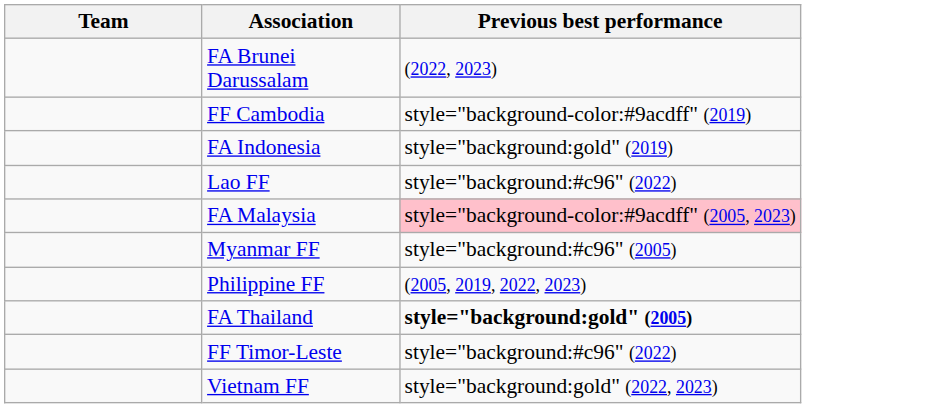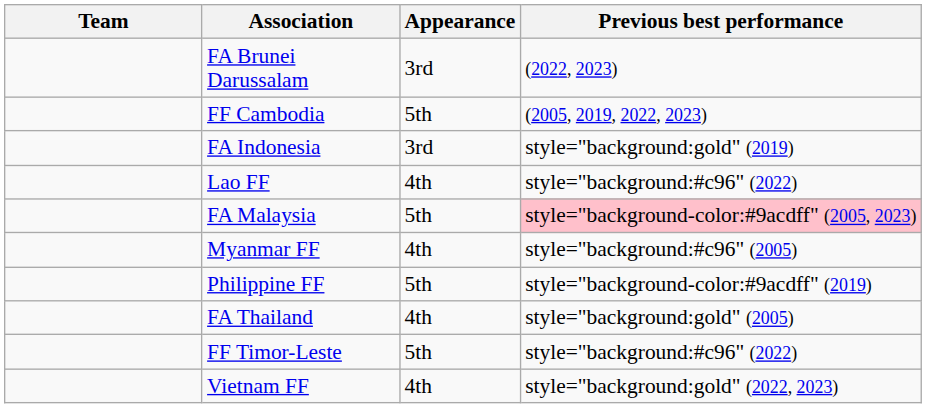 <table class="wikitable sortable">
 <tr>
 <th style="width:140px;">Team</th>
 <th style="width:140px;">Association</th>
+<th style="width:75px;">Appearance</th>
 <th>Previous best performance</th>
 </tr>
 <tr>
 <td></td>
 <td><a href='#'>FA Brunei Darussalam</a></td>
+<td>3rd</td>
 <td> <small>(<a href='#'>2022</a>, <a href='#'>2023</a>)</small></td>
 </tr>
 <tr>
 <td></td>
 <td><a href='#'>FF Cambodia</a></td>
-<td>style="background-color:#9acdff"  <small>(<a href='#'>2019</a>)</small></td>
+<td>5th</td>
+<td> <small>(<a href='#'>2005</a>, <a href='#'>2019</a>, <a href='#'>2022</a>, <a href='#'>2023</a>)</small></td>
 </tr>
 <tr>
 <td></td>
 <td><a href='#'>FA Indonesia</a></td>
+<td>3rd</td>
 <td>style="background:gold"  <small>(<a href='#'>2019</a>)</small></td>
 </tr>
 <tr>
 <td></td>
 <td><a href='#'>Lao FF</a></td>
+<td>4th</td>
 <td>style="background:#c96"  <small>(<a href='#'>2022</a>)</small></td>
 </tr>
 <tr>
 <td></td>
 <td><a href='#'>FA Malaysia</a></td>
+<td>5th</td>
 <td style="background: pink;">style="background-color:#9acdff"  <small>(<a href='#'>2005</a>, <a href='#'>2023</a>)</small></td>
 </tr>
 <tr>
 <td></td>
 <td><a href='#'>Myanmar FF</a></td>
+<td>4th</td>
 <td>style="background:#c96"  <small>(<a href='#'>2005</a>)</small></td>
 </tr>
 <tr>
 <td></td>
 <td><a href='#'>Philippine FF</a></td>
-<td> <small>(<a href='#'>2005</a>, <a href='#'>2019</a>, <a href='#'>2022</a>, <a href='#'>2023</a>)</small></td>
+<td>5th</td>
+<td>style="background-color:#9acdff"  <small>(<a href='#'>2019</a>)</small></td>
 </tr>
 <tr>
 <td></td>
 <td><a href='#'>FA Thailand</a></td>
-<td><strong>style="background:gold"  <small>(<a href='#'>2005</a>)</small></strong></td>
+<td>4th</td>
+<td>style="background:gold"  <small>(<a href='#'>2005</a>)</small></td>
 </tr>
 <tr>
 <td></td>
 <td><a href='#'>FF Timor-Leste</a></td>
+<td>5th</td>
 <td>style="background:#c96"  <small>(<a href='#'>2022</a>)</small></td>
 </tr>
 <tr>
 <td></td>
 <td><a href='#'>Vietnam FF</a></td>
+<td>4th</td>
 <td>style="background:gold"  <small>(<a href='#'>2022</a>, <a href='#'>2023</a>)</small></td>
 </tr>
 </table>
